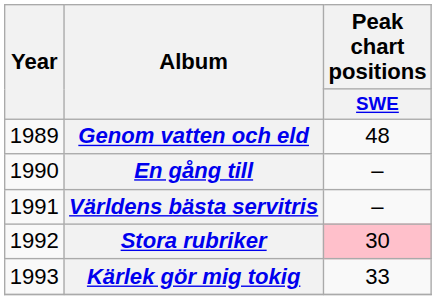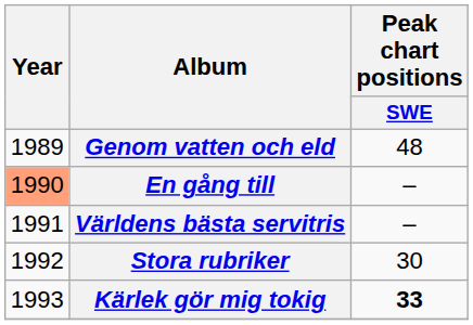 <table class="wikitable plainrowheaders" style="text-align:center;" border="1">
 <tr>
 <th scope="col" rowspan="2">Year</th>
 <th scope="col" rowspan="2">Album</th>
 <th scope="col" colspan="1">Peak chart positions</th>
 </tr>
 <tr>
 <th scope="col" style="width:3em;font-size:85%;"><a href='#'>SWE</a><br></th>
 </tr>
 <tr>
 <td>1989</td>
 <th scope="row"><em><a href='#'>Genom vatten och eld</a></em></th>
 <td>48</td>
 </tr>
 <tr>
-<td>1990</td>
+<td style="background: lightsalmon;">1990</td>
 <th scope="row"><em><a href='#'>En gång till</a></em></th>
 <td>–</td>
 </tr>
 <tr>
 <td>1991</td>
 <th scope="row"><em><a href='#'>Världens bästa servitris</a></em></th>
 <td>–</td>
 </tr>
 <tr>
 <td>1992</td>
 <th scope="row"><em><a href='#'>Stora rubriker</a></em></th>
-<td style="background: pink;">30</td>
+<td>30</td>
 </tr>
 <tr>
 <td>1993</td>
 <th scope="row"><em><a href='#'>Kärlek gör mig tokig</a></em></th>
-<td>33</td>
+<td><strong>33</strong></td>
 </tr>
 <tr>
 </tr>
 </table>
